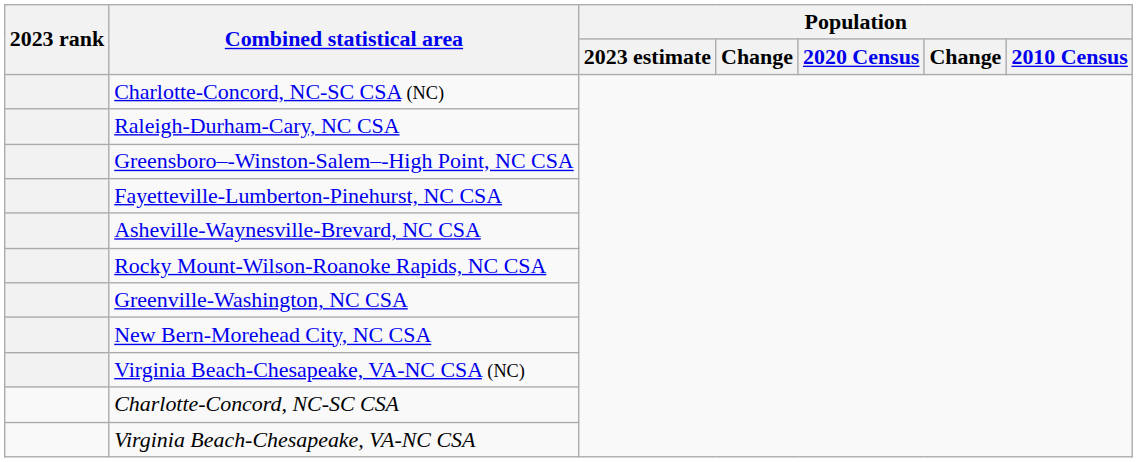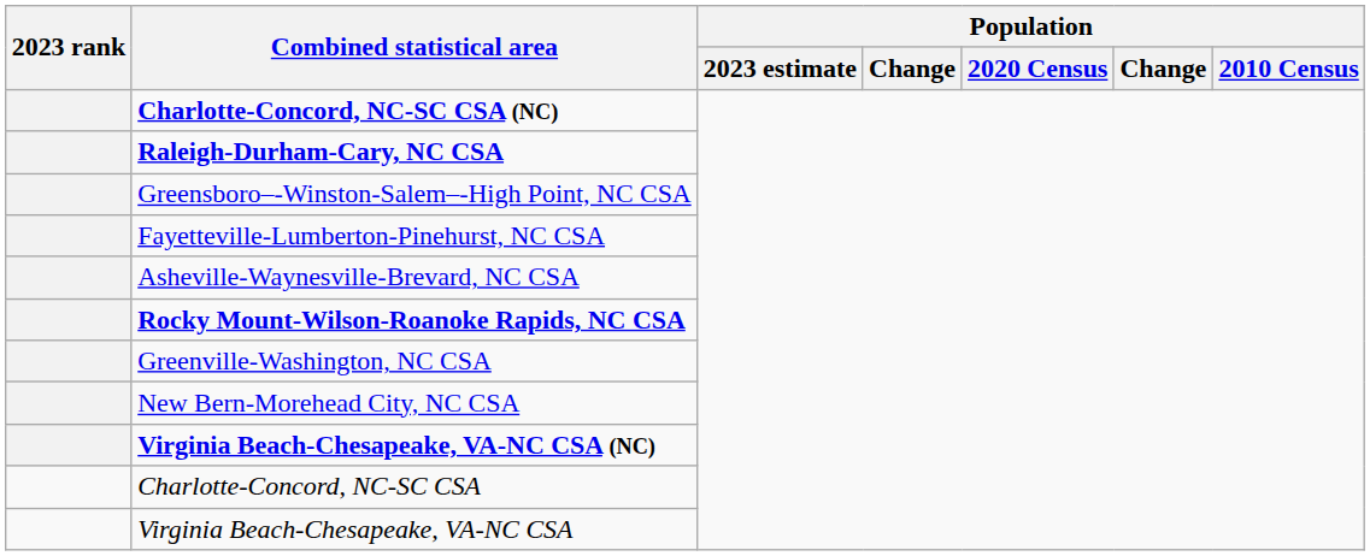 <table class="wikitable sortable">
 <tr>
 <th scope=col rowspan=2>2023 rank</th>
 <th scope=col rowspan=2><a href='#'>Combined statistical area</a></th>
 <th colspan=5>Population</th>
 </tr>
 <tr>
 <th scope=col>2023 estimate</th>
 <th scope=col>Change</th>
 <th scope=col><a href='#'>2020 Census</a></th>
 <th scope=col>Change</th>
 <th scope=col><a href='#'>2010 Census</a></th>
 </tr>
 <tr>
 <th scope=row></th>
-<td><a href='#'>Charlotte-Concord, NC-SC CSA</a> <small>(NC)</small><br></td>
+<td><strong><a href='#'>Charlotte-Concord, NC-SC CSA</a> <small>(NC)</small><br></strong></td>
 </tr>
 <tr>
 <th scope=row></th>
-<td><a href='#'>Raleigh-Durham-Cary, NC CSA</a><br></td>
+<td><strong><a href='#'>Raleigh-Durham-Cary, NC CSA</a><br></strong></td>
 </tr>
 <tr>
 <th scope=row></th>
 <td><a href='#'>Greensboro–-Winston-Salem–-High Point, NC CSA</a><br></td>
 </tr>
 <tr>
 <th scope=row></th>
 <td><a href='#'>Fayetteville-Lumberton-Pinehurst, NC CSA</a><br></td>
 </tr>
 <tr>
 <th scope=row></th>
 <td><a href='#'>Asheville-Waynesville-Brevard, NC CSA</a><br></td>
 </tr>
 <tr>
 <th scope=row></th>
-<td><a href='#'>Rocky Mount-Wilson-Roanoke Rapids, NC CSA</a><br></td>
+<td><strong><a href='#'>Rocky Mount-Wilson-Roanoke Rapids, NC CSA</a><br></strong></td>
 </tr>
 <tr>
 <th scope=row></th>
 <td><a href='#'>Greenville-Washington, NC CSA</a><br></td>
 </tr>
 <tr>
 <th scope=row></th>
 <td><a href='#'>New Bern-Morehead City, NC CSA</a><br></td>
 </tr>
 <tr>
 <th scope=row></th>
-<td><a href='#'>Virginia Beach-Chesapeake, VA-NC CSA</a> <small>(NC)</small><br></td>
+<td><strong><a href='#'>Virginia Beach-Chesapeake, VA-NC CSA</a> <small>(NC)</small><br></strong></td>
 </tr>
 <tr>
 <td></td>
 <td><em><span>Charlotte-Concord, NC-SC CSA</span></em><br></td>
 </tr>
 <tr>
 <td></td>
 <td><em><span>Virginia Beach-Chesapeake, VA-NC CSA</span></em><br></td>
 </tr>
 </table>
